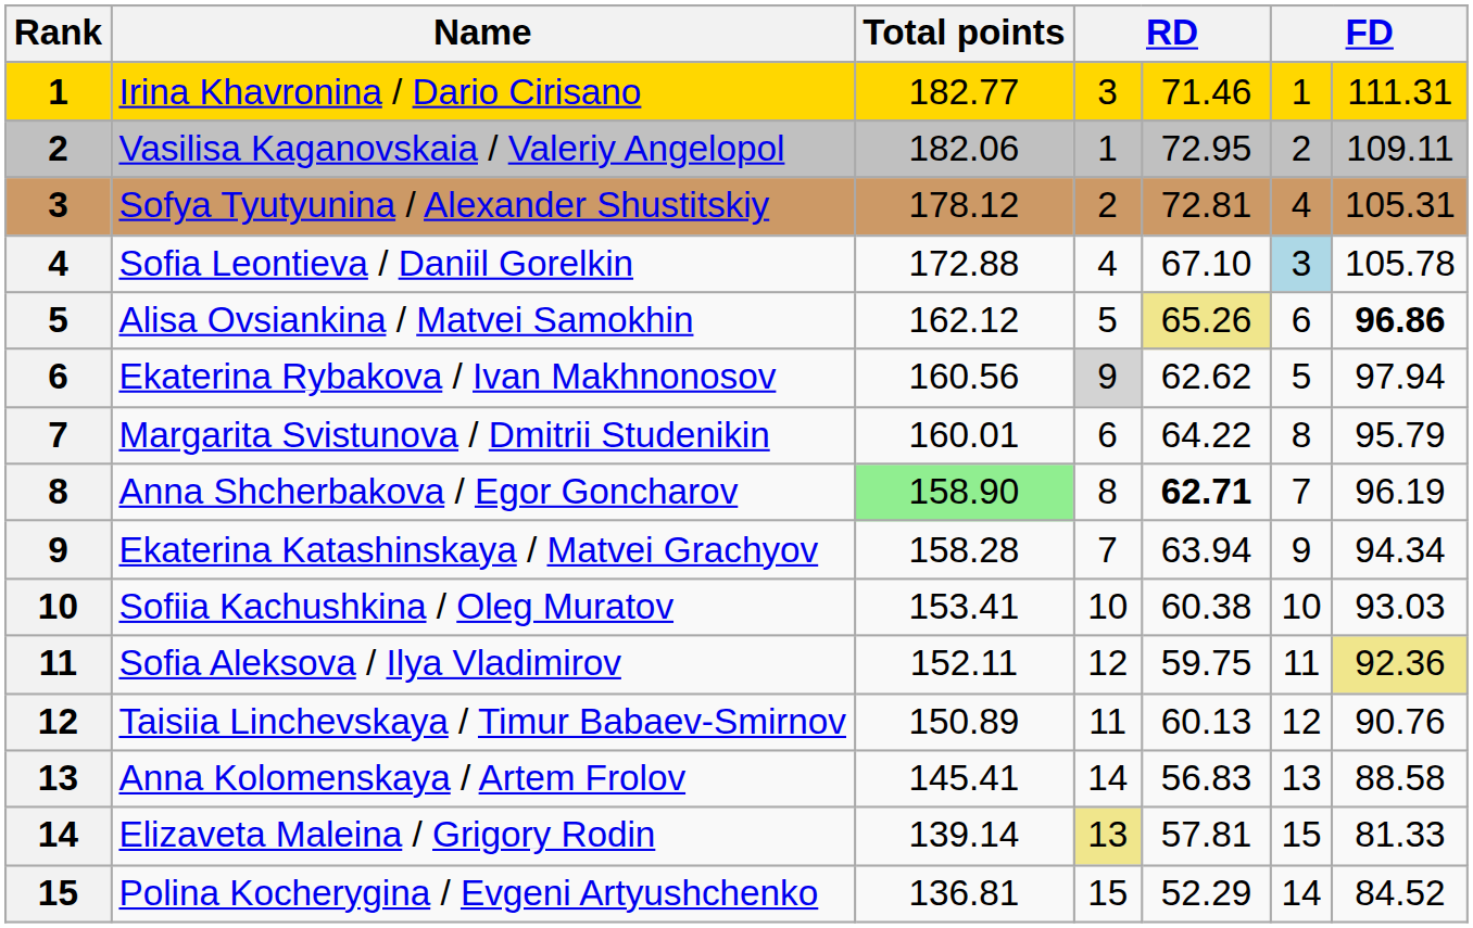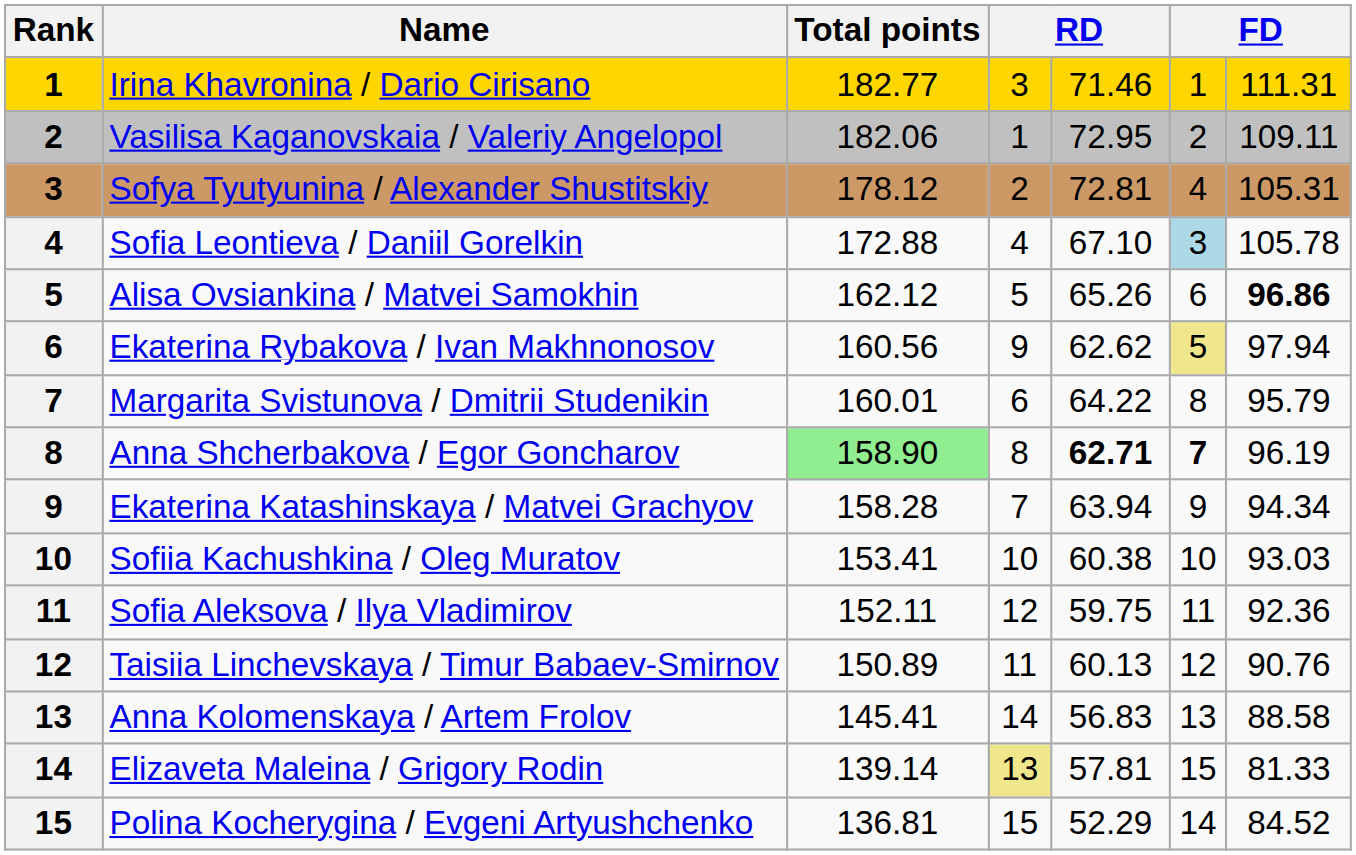 <table class="wikitable sortable">
 <tr>
 <th>Rank</th>
 <th>Name</th>
 <th>Total points</th>
 <th colspan="2" width="80px"><a href='#'>RD</a></th>
 <th colspan="2" width="80px"><a href='#'>FD</a></th>
 </tr>
 <tr bgcolor="gold">
 <td align="center"><strong>1</strong></td>
 <td><a href='#'>Irina Khavronina</a> / <a href='#'>Dario Cirisano</a></td>
 <td align="center">182.77</td>
 <td align="center">3</td>
 <td align="center">71.46</td>
 <td align="center">1</td>
 <td align="center">111.31</td>
 </tr>
 <tr bgcolor="silver">
 <td align="center"><strong>2</strong></td>
 <td><a href='#'>Vasilisa Kaganovskaia</a> / <a href='#'>Valeriy Angelopol</a></td>
 <td align="center">182.06</td>
 <td align="center">1</td>
 <td align="center">72.95</td>
 <td align="center">2</td>
 <td align="center">109.11</td>
 </tr>
 <tr bgcolor="cc9966">
 <td align="center"><strong>3</strong></td>
 <td><a href='#'>Sofya Tyutyunina</a> / <a href='#'>Alexander Shustitskiy</a></td>
 <td align="center">178.12</td>
 <td align="center">2</td>
 <td align="center">72.81</td>
 <td align="center">4</td>
 <td align="center">105.31</td>
 </tr>
 <tr>
 <th>4</th>
 <td><a href='#'>Sofia Leontieva</a> / <a href='#'>Daniil Gorelkin</a></td>
 <td align="center">172.88</td>
 <td align="center">4</td>
 <td align="center">67.10</td>
 <td align="center" style="background: lightblue;">3</td>
 <td align="center">105.78</td>
 </tr>
 <tr>
 <th>5</th>
 <td><a href='#'>Alisa Ovsiankina</a> / <a href='#'>Matvei Samokhin</a></td>
 <td align="center">162.12</td>
 <td align="center">5</td>
-<td align="center" style="background: khaki;">65.26</td>
+<td align="center">65.26</td>
 <td align="center">6</td>
 <td align="center"><strong>96.86</strong></td>
 </tr>
 <tr>
 <th>6</th>
 <td><a href='#'>Ekaterina Rybakova</a> / <a href='#'>Ivan Makhnonosov</a></td>
 <td align="center">160.56</td>
-<td align="center" style="background: lightgrey;">9</td>
+<td align="center">9</td>
 <td align="center">62.62</td>
-<td align="center">5</td>
+<td align="center" style="background: khaki;">5</td>
 <td align="center">97.94</td>
 </tr>
 <tr>
 <th>7</th>
 <td><a href='#'>Margarita Svistunova</a> / <a href='#'>Dmitrii Studenikin</a></td>
 <td align="center">160.01</td>
 <td align="center">6</td>
 <td align="center">64.22</td>
 <td align="center">8</td>
 <td align="center">95.79</td>
 </tr>
 <tr>
 <th>8</th>
 <td><a href='#'>Anna Shcherbakova</a> / <a href='#'>Egor Goncharov</a></td>
 <td align="center" style="background: lightgreen;">158.90</td>
 <td align="center">8</td>
 <td align="center"><strong>62.71</strong></td>
-<td align="center">7</td>
+<td align="center"><strong>7</strong></td>
 <td align="center">96.19</td>
 </tr>
 <tr>
 <th>9</th>
 <td><a href='#'>Ekaterina Katashinskaya</a> / <a href='#'>Matvei Grachyov</a></td>
 <td align="center">158.28</td>
 <td align="center">7</td>
 <td align="center">63.94</td>
 <td align="center">9</td>
 <td align="center">94.34</td>
 </tr>
 <tr>
 <th>10</th>
 <td><a href='#'>Sofiia Kachushkina</a> / <a href='#'>Oleg Muratov</a></td>
 <td align="center">153.41</td>
 <td align="center">10</td>
 <td align="center">60.38</td>
 <td align="center">10</td>
 <td align="center">93.03</td>
 </tr>
 <tr>
 <th>11</th>
 <td><a href='#'>Sofia Aleksova</a> / <a href='#'>Ilya Vladimirov</a></td>
 <td align="center">152.11</td>
 <td align="center">12</td>
 <td align="center">59.75</td>
 <td align="center">11</td>
-<td align="center" style="background: khaki;">92.36</td>
+<td align="center">92.36</td>
 </tr>
 <tr>
 <th>12</th>
 <td><a href='#'>Taisiia Linchevskaya</a> / <a href='#'>Timur Babaev-Smirnov</a></td>
 <td align="center">150.89</td>
 <td align="center">11</td>
 <td align="center">60.13</td>
 <td align="center">12</td>
 <td align="center">90.76</td>
 </tr>
 <tr>
 <th>13</th>
 <td><a href='#'>Anna Kolomenskaya</a> / <a href='#'>Artem Frolov</a></td>
 <td align="center">145.41</td>
 <td align="center">14</td>
 <td align="center">56.83</td>
 <td align="center">13</td>
 <td align="center">88.58</td>
 </tr>
 <tr>
 <th>14</th>
 <td><a href='#'>Elizaveta Maleina</a> / <a href='#'>Grigory Rodin</a></td>
 <td align="center">139.14</td>
 <td align="center" style="background: khaki;">13</td>
 <td align="center">57.81</td>
 <td align="center">15</td>
 <td align="center">81.33</td>
 </tr>
 <tr>
 <th>15</th>
 <td><a href='#'>Polina Kocherygina</a> / <a href='#'>Evgeni Artyushchenko</a></td>
 <td align="center">136.81</td>
 <td align="center">15</td>
 <td align="center">52.29</td>
 <td align="center">14</td>
 <td align="center">84.52</td>
 </tr>
 </table>
